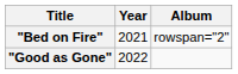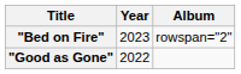 <table class="wikitable plainrowheaders" style="text-align:center;">
 <tr>
 <th scope="col">Title</th>
 <th scope="col">Year</th>
 <th scope="col">Album</th>
 </tr>
 <tr>
 <th scope="row">"Bed on Fire"<br></th>
-<td>2021</td>
+<td>2023</td>
 <td>rowspan="2" </td>
 </tr>
 <tr>
 <th scope="row">"Good as Gone"<br></th>
 <td>2022</td>
 </tr>
 </table>
